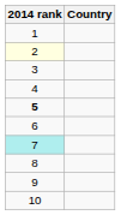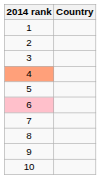 <table class="sortable wikitable" style="text-align:center">
 <tr>
 <th>2014 rank</th>
 <th>Country</th>
 </tr>
 <tr>
 <td>1</td>
 <td style="text-align:left;"></td>
 </tr>
 <tr>
-<td style="background: lightyellow;">2</td>
+<td>2</td>
 <td style="text-align:left;"></td>
 </tr>
 <tr>
 <td>3</td>
 <td style="text-align:left;"></td>
 </tr>
 <tr>
-<td>4</td>
+<td style="background: lightsalmon;">4</td>
 <td style="text-align:left;"></td>
 </tr>
 <tr>
-<td><strong>5</strong></td>
+<td>5</td>
 <td style="text-align:left;"></td>
 </tr>
 <tr>
-<td>6</td>
+<td style="background: pink;">6</td>
 <td style="text-align:left;"></td>
 </tr>
 <tr>
-<td style="background: paleturquoise;">7</td>
+<td>7</td>
 <td style="text-align:left;"></td>
 </tr>
 <tr>
 <td>8</td>
 <td style="text-align:left;"></td>
 </tr>
 <tr>
 <td>9</td>
 <td style="text-align:left;"></td>
 </tr>
 <tr>
 <td>10</td>
 <td style="text-align:left;"></td>
 </tr>
 </table>
